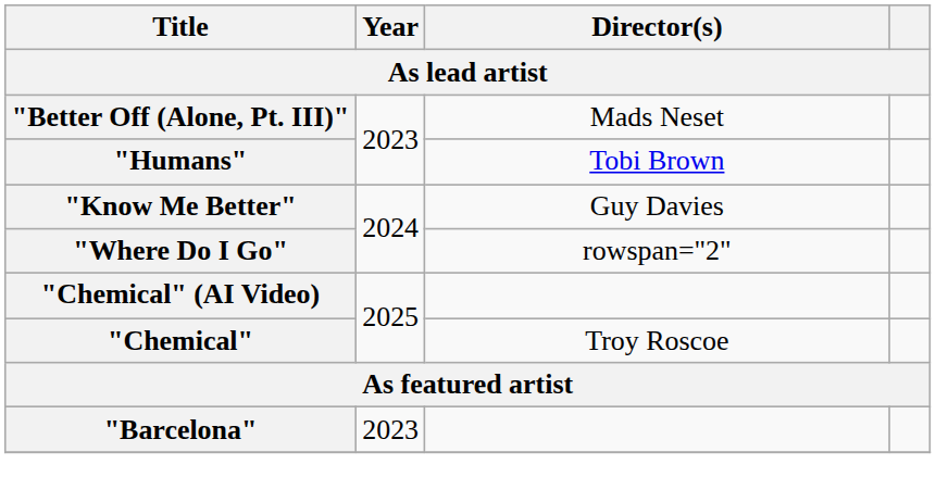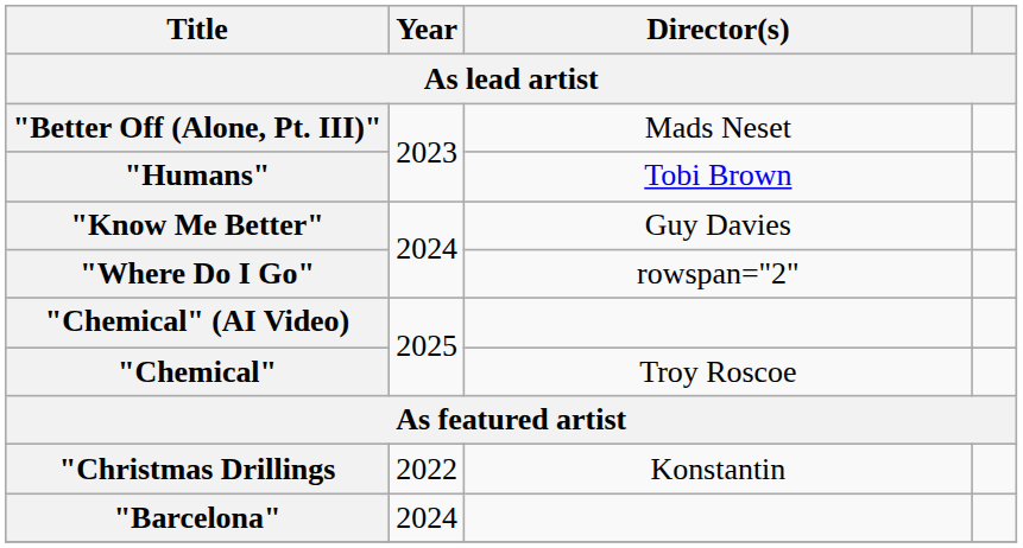 <table class="wikitable plainrowheaders" style="text-align:center;">
 <tr>
 <th scope="col">Title</th>
 <th scope="col" style="width:1em;">Year</th>
 <th scope="col" style="width:16em;">Director(s)</th>
 <th scope="col" style="width:1em;"></th>
 </tr>
 <tr>
 <th scope="col" colspan="4">As lead artist</th>
 </tr>
 <tr>
 <th scope="row">"Better Off (Alone, Pt. III)" <br></th>
 <td rowspan="2">2023</td>
 <td>Mads Neset</td>
 <td></td>
 </tr>
 <tr>
 <th scope="row">"Humans" <br></th>
 <td><a href='#'>Tobi Brown</a></td>
 <td></td>
 </tr>
 <tr>
 <th scope="row">"Know Me Better"<br></th>
 <td rowspan="2">2024</td>
 <td>Guy Davies</td>
 <td></td>
 </tr>
 <tr>
 <th scope="row">"Where Do I Go"<br></th>
 <td>rowspan="2" </td>
 <td></td>
 </tr>
 <tr>
 <th scope="row">"Chemical" (AI Video)<br></th>
 <td rowspan="2">2025</td>
 <td></td>
 </tr>
 <tr>
 <th scope="row">"Chemical"<br></th>
 <td>Troy Roscoe</td>
 <td></td>
 </tr>
 <tr>
 <th scope="col" colspan="4">As featured artist</th>
 </tr>
 <tr>
+<th scope="row">"Christmas Drillings<br></th>
+<td>2022</td>
+<td>Konstantin</td>
+<td></td>
+</tr>
+<tr>
 <th scope="row">"Barcelona"<br></th>
-<td>2023</td>
+<td>2024</td>
 <td></td>
 <td></td>
 </tr>
 <tr>
 </tr>
 </table>
